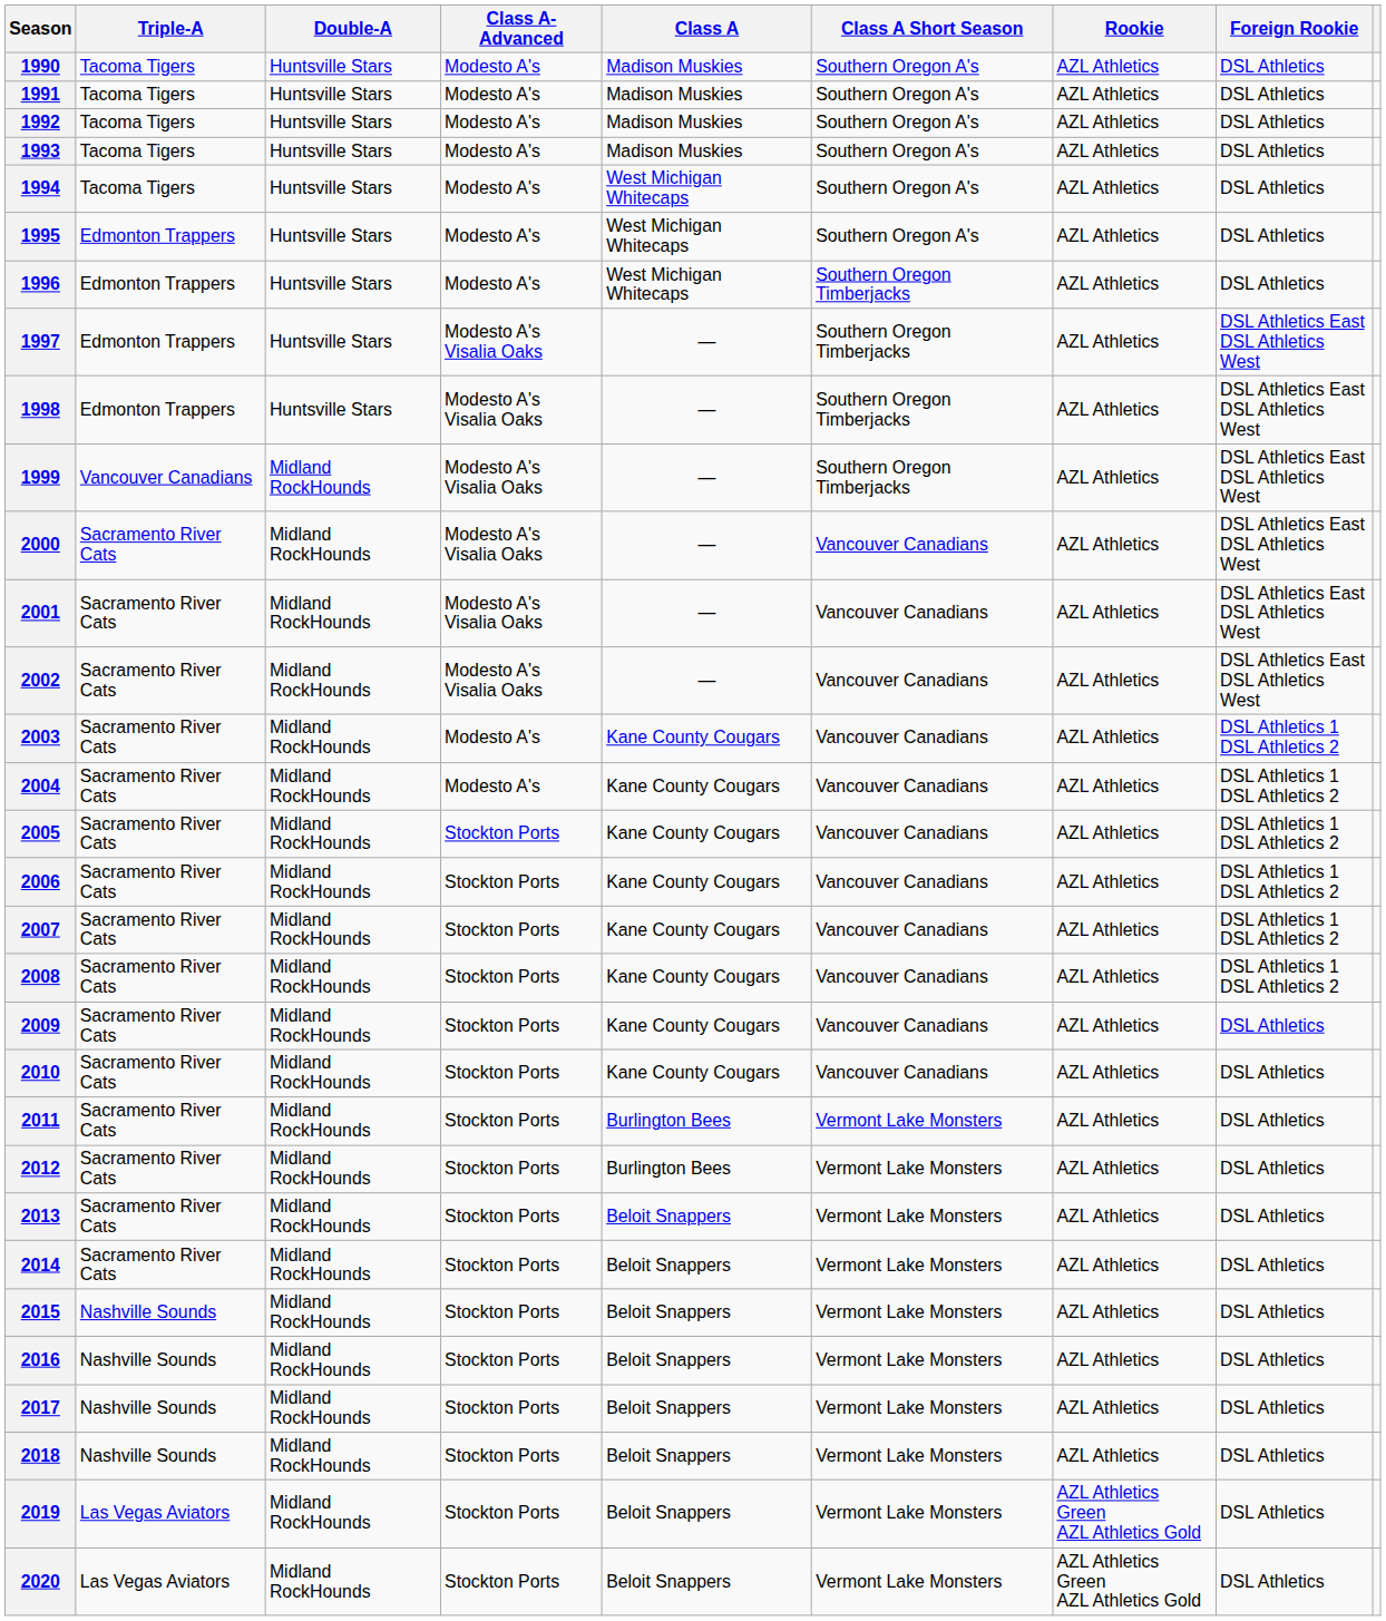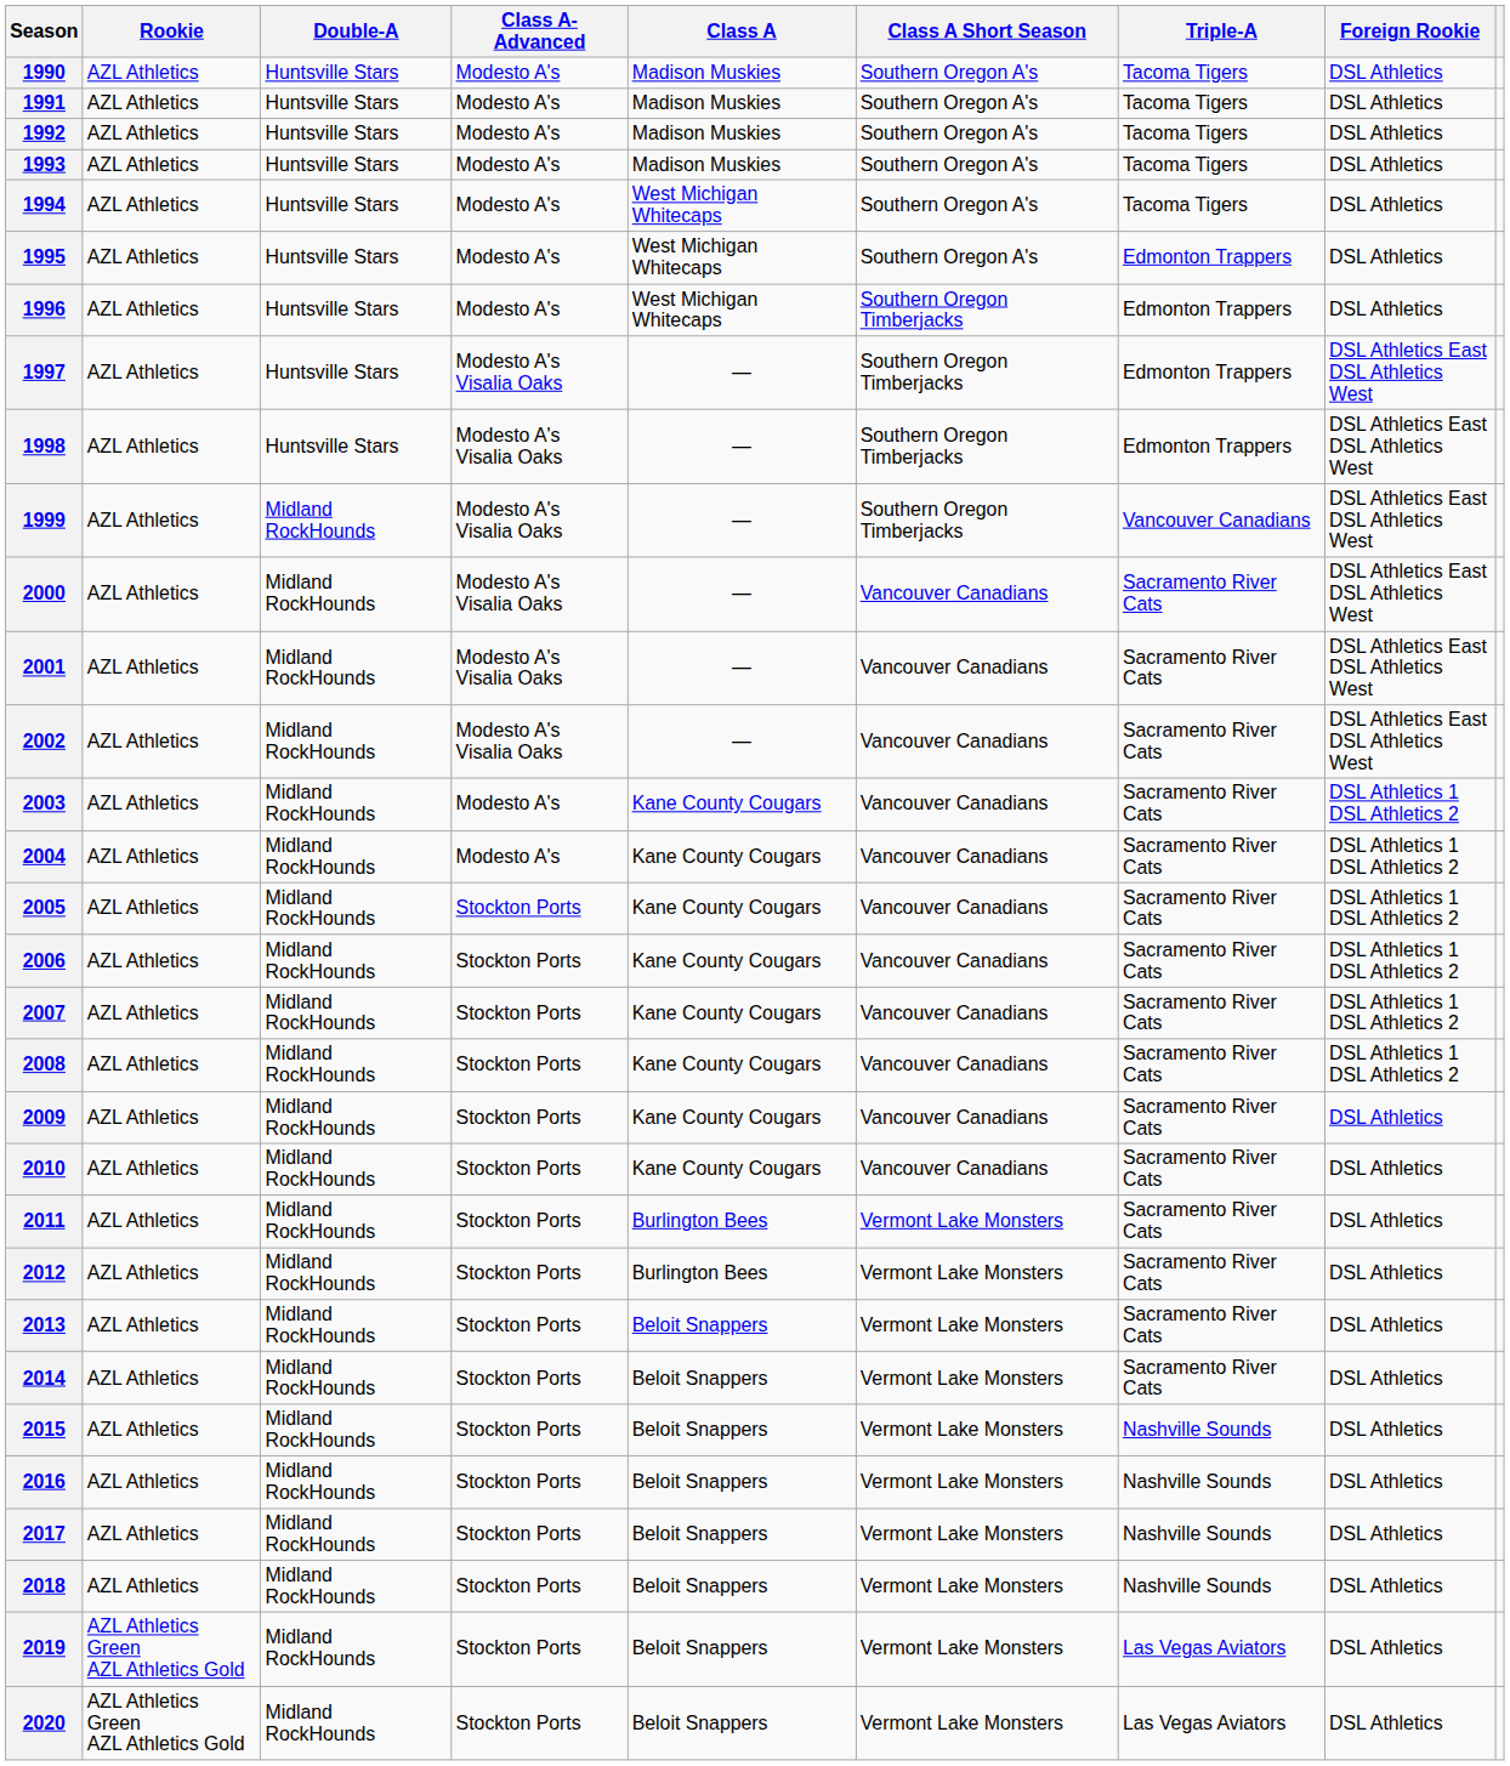 <table class="wikitable plainrowheaders">
 <tr>
 <th scope="col">Season</th>
-<th scope="col"><a href='#'><span>Triple-A</span></a></th>
+<th scope="col"><a href='#'><span>Rookie</span></a></th>
 <th scope="col"><a href='#'><span>Double-A</span></a></th>
 <th scope="col"><a href='#'><span>Class A-Advanced</span></a></th>
 <th scope="col"><a href='#'><span>Class A</span></a></th>
 <th scope="col"><a href='#'><span>Class A Short Season</span></a></th>
-<th scope="col"><a href='#'><span>Rookie</span></a></th>
+<th scope="col"><a href='#'><span>Triple-A</span></a></th>
 <th scope="col"><a href='#'><span>Foreign Rookie</span></a></th>
 <th scope="col"></th>
 </tr>
 <tr>
 <th scope="row" style="text-align:center"><a href='#'>1990</a></th>
-<td><a href='#'>Tacoma Tigers</a></td>
+<td><a href='#'>AZL Athletics</a></td>
 <td><a href='#'>Huntsville Stars</a></td>
 <td><a href='#'>Modesto A's</a></td>
 <td><a href='#'>Madison Muskies</a></td>
 <td><a href='#'>Southern Oregon A's</a></td>
-<td><a href='#'>AZL Athletics</a></td>
+<td><a href='#'>Tacoma Tigers</a></td>
 <td><a href='#'>DSL Athletics</a></td>
 <td align="center"></td>
 </tr>
 <tr>
 <th scope="row" style="text-align:center"><a href='#'>1991</a></th>
-<td>Tacoma Tigers</td>
+<td>AZL Athletics</td>
 <td>Huntsville Stars</td>
 <td>Modesto A's</td>
 <td>Madison Muskies</td>
 <td>Southern Oregon A's</td>
-<td>AZL Athletics</td>
+<td>Tacoma Tigers</td>
 <td>DSL Athletics</td>
 <td align="center"></td>
 </tr>
 <tr>
 <th scope="row" style="text-align:center"><a href='#'>1992</a></th>
-<td>Tacoma Tigers</td>
+<td>AZL Athletics</td>
 <td>Huntsville Stars</td>
 <td>Modesto A's</td>
 <td>Madison Muskies</td>
 <td>Southern Oregon A's</td>
-<td>AZL Athletics</td>
+<td>Tacoma Tigers</td>
 <td>DSL Athletics</td>
 <td align="center"></td>
 </tr>
 <tr>
 <th scope="row" style="text-align:center"><a href='#'>1993</a></th>
-<td>Tacoma Tigers</td>
+<td>AZL Athletics</td>
 <td>Huntsville Stars</td>
 <td>Modesto A's</td>
 <td>Madison Muskies</td>
 <td>Southern Oregon A's</td>
-<td>AZL Athletics</td>
+<td>Tacoma Tigers</td>
 <td>DSL Athletics</td>
 <td align="center"></td>
 </tr>
 <tr>
 <th scope="row" style="text-align:center"><a href='#'>1994</a></th>
-<td>Tacoma Tigers</td>
+<td>AZL Athletics</td>
 <td>Huntsville Stars</td>
 <td>Modesto A's</td>
 <td><a href='#'>West Michigan Whitecaps</a></td>
 <td>Southern Oregon A's</td>
-<td>AZL Athletics</td>
+<td>Tacoma Tigers</td>
 <td>DSL Athletics</td>
 <td align="center"></td>
 </tr>
 <tr>
 <th scope="row" style="text-align:center"><a href='#'>1995</a></th>
-<td><a href='#'>Edmonton Trappers</a></td>
+<td>AZL Athletics</td>
 <td>Huntsville Stars</td>
 <td>Modesto A's</td>
 <td>West Michigan Whitecaps</td>
 <td>Southern Oregon A's</td>
-<td>AZL Athletics</td>
+<td><a href='#'>Edmonton Trappers</a></td>
 <td>DSL Athletics</td>
 <td align="center"></td>
 </tr>
 <tr>
 <th scope="row" style="text-align:center"><a href='#'>1996</a></th>
-<td>Edmonton Trappers</td>
+<td>AZL Athletics</td>
 <td>Huntsville Stars</td>
 <td>Modesto A's</td>
 <td>West Michigan Whitecaps</td>
 <td><a href='#'>Southern Oregon Timberjacks</a></td>
-<td>AZL Athletics</td>
+<td>Edmonton Trappers</td>
 <td>DSL Athletics</td>
 <td align="center"></td>
 </tr>
 <tr>
 <th scope="row" style="text-align:center"><a href='#'>1997</a></th>
-<td>Edmonton Trappers</td>
+<td>AZL Athletics</td>
 <td>Huntsville Stars</td>
 <td>Modesto A's<br><a href='#'>Visalia Oaks</a></td>
 <td align="center">—</td>
 <td>Southern Oregon Timberjacks</td>
-<td>AZL Athletics</td>
+<td>Edmonton Trappers</td>
 <td><a href='#'>DSL Athletics East</a><br><a href='#'>DSL Athletics West</a></td>
 <td align="center"></td>
 </tr>
 <tr>
 <th scope="row" style="text-align:center"><a href='#'>1998</a></th>
-<td>Edmonton Trappers</td>
+<td>AZL Athletics</td>
 <td>Huntsville Stars</td>
 <td>Modesto A's<br>Visalia Oaks</td>
 <td align="center">—</td>
 <td>Southern Oregon Timberjacks</td>
-<td>AZL Athletics</td>
+<td>Edmonton Trappers</td>
 <td>DSL Athletics East<br>DSL Athletics West</td>
 <td align="center"></td>
 </tr>
 <tr>
 <th scope="row" style="text-align:center"><a href='#'>1999</a></th>
-<td><a href='#'>Vancouver Canadians</a></td>
+<td>AZL Athletics</td>
 <td><a href='#'>Midland RockHounds</a></td>
 <td>Modesto A's<br>Visalia Oaks</td>
 <td align="center">—</td>
 <td>Southern Oregon Timberjacks</td>
-<td>AZL Athletics</td>
+<td><a href='#'>Vancouver Canadians</a></td>
 <td>DSL Athletics East<br>DSL Athletics West</td>
 <td align="center"></td>
 </tr>
 <tr>
 <th scope="row" style="text-align:center"><a href='#'>2000</a></th>
-<td><a href='#'>Sacramento River Cats</a></td>
+<td>AZL Athletics</td>
 <td>Midland RockHounds</td>
 <td>Modesto A's<br>Visalia Oaks</td>
 <td align="center">—</td>
 <td><a href='#'>Vancouver Canadians</a></td>
-<td>AZL Athletics</td>
+<td><a href='#'>Sacramento River Cats</a></td>
 <td>DSL Athletics East<br>DSL Athletics West</td>
 <td align="center"></td>
 </tr>
 <tr>
 <th scope="row" style="text-align:center"><a href='#'>2001</a></th>
-<td>Sacramento River Cats</td>
+<td>AZL Athletics</td>
 <td>Midland RockHounds</td>
 <td>Modesto A's<br>Visalia Oaks</td>
 <td align="center">—</td>
 <td>Vancouver Canadians</td>
-<td>AZL Athletics</td>
+<td>Sacramento River Cats</td>
 <td>DSL Athletics East<br>DSL Athletics West</td>
 <td align="center"></td>
 </tr>
 <tr>
 <th scope="row" style="text-align:center"><a href='#'>2002</a></th>
-<td>Sacramento River Cats</td>
+<td>AZL Athletics</td>
 <td>Midland RockHounds</td>
 <td>Modesto A's<br>Visalia Oaks</td>
 <td align="center">—</td>
 <td>Vancouver Canadians</td>
-<td>AZL Athletics</td>
+<td>Sacramento River Cats</td>
 <td>DSL Athletics East<br>DSL Athletics West</td>
 <td align="center"></td>
 </tr>
 <tr>
 <th scope="row" style="text-align:center"><a href='#'>2003</a></th>
-<td>Sacramento River Cats</td>
+<td>AZL Athletics</td>
 <td>Midland RockHounds</td>
 <td>Modesto A's</td>
 <td><a href='#'>Kane County Cougars</a></td>
 <td>Vancouver Canadians</td>
-<td>AZL Athletics</td>
+<td>Sacramento River Cats</td>
 <td><a href='#'>DSL Athletics 1</a><br><a href='#'>DSL Athletics 2</a></td>
 <td align="center"></td>
 </tr>
 <tr>
 <th scope="row" style="text-align:center"><a href='#'>2004</a></th>
-<td>Sacramento River Cats</td>
+<td>AZL Athletics</td>
 <td>Midland RockHounds</td>
 <td>Modesto A's</td>
 <td>Kane County Cougars</td>
 <td>Vancouver Canadians</td>
-<td>AZL Athletics</td>
+<td>Sacramento River Cats</td>
 <td>DSL Athletics 1<br>DSL Athletics 2</td>
 <td align="center"></td>
 </tr>
 <tr>
 <th scope="row" style="text-align:center"><a href='#'>2005</a></th>
-<td>Sacramento River Cats</td>
+<td>AZL Athletics</td>
 <td>Midland RockHounds</td>
 <td><a href='#'>Stockton Ports</a></td>
 <td>Kane County Cougars</td>
 <td>Vancouver Canadians</td>
-<td>AZL Athletics</td>
+<td>Sacramento River Cats</td>
 <td>DSL Athletics 1<br>DSL Athletics 2</td>
 <td align="center"></td>
 </tr>
 <tr>
 <th scope="row" style="text-align:center"><a href='#'>2006</a></th>
-<td>Sacramento River Cats</td>
+<td>AZL Athletics</td>
 <td>Midland RockHounds</td>
 <td>Stockton Ports</td>
 <td>Kane County Cougars</td>
 <td>Vancouver Canadians</td>
-<td>AZL Athletics</td>
+<td>Sacramento River Cats</td>
 <td>DSL Athletics 1<br>DSL Athletics 2</td>
 <td align="center"></td>
 </tr>
 <tr>
 <th scope="row" style="text-align:center"><a href='#'>2007</a></th>
-<td>Sacramento River Cats</td>
+<td>AZL Athletics</td>
 <td>Midland RockHounds</td>
 <td>Stockton Ports</td>
 <td>Kane County Cougars</td>
 <td>Vancouver Canadians</td>
-<td>AZL Athletics</td>
+<td>Sacramento River Cats</td>
 <td>DSL Athletics 1<br>DSL Athletics 2</td>
 <td align="center"></td>
 </tr>
 <tr>
 <th scope="row" style="text-align:center"><a href='#'>2008</a></th>
-<td>Sacramento River Cats</td>
+<td>AZL Athletics</td>
 <td>Midland RockHounds</td>
 <td>Stockton Ports</td>
 <td>Kane County Cougars</td>
 <td>Vancouver Canadians</td>
-<td>AZL Athletics</td>
+<td>Sacramento River Cats</td>
 <td>DSL Athletics 1<br>DSL Athletics 2</td>
 <td align="center"></td>
 </tr>
 <tr>
 <th scope="row" style="text-align:center"><a href='#'>2009</a></th>
-<td>Sacramento River Cats</td>
+<td>AZL Athletics</td>
 <td>Midland RockHounds</td>
 <td>Stockton Ports</td>
 <td>Kane County Cougars</td>
 <td>Vancouver Canadians</td>
-<td>AZL Athletics</td>
+<td>Sacramento River Cats</td>
 <td><a href='#'>DSL Athletics</a></td>
 <td align="center"></td>
 </tr>
 <tr>
 <th scope="row" style="text-align:center"><a href='#'>2010</a></th>
-<td>Sacramento River Cats</td>
+<td>AZL Athletics</td>
 <td>Midland RockHounds</td>
 <td>Stockton Ports</td>
 <td>Kane County Cougars</td>
 <td>Vancouver Canadians</td>
-<td>AZL Athletics</td>
+<td>Sacramento River Cats</td>
 <td>DSL Athletics</td>
 <td align="center"></td>
 </tr>
 <tr>
 <th scope="row" style="text-align:center"><a href='#'>2011</a></th>
-<td>Sacramento River Cats</td>
+<td>AZL Athletics</td>
 <td>Midland RockHounds</td>
 <td>Stockton Ports</td>
 <td><a href='#'>Burlington Bees</a></td>
 <td><a href='#'>Vermont Lake Monsters</a></td>
-<td>AZL Athletics</td>
+<td>Sacramento River Cats</td>
 <td>DSL Athletics</td>
 <td align="center"></td>
 </tr>
 <tr>
 <th scope="row" style="text-align:center"><a href='#'>2012</a></th>
-<td>Sacramento River Cats</td>
+<td>AZL Athletics</td>
 <td>Midland RockHounds</td>
 <td>Stockton Ports</td>
 <td>Burlington Bees</td>
 <td>Vermont Lake Monsters</td>
-<td>AZL Athletics</td>
+<td>Sacramento River Cats</td>
 <td>DSL Athletics</td>
 <td align="center"></td>
 </tr>
 <tr>
 <th scope="row" style="text-align:center"><a href='#'>2013</a></th>
-<td>Sacramento River Cats</td>
+<td>AZL Athletics</td>
 <td>Midland RockHounds</td>
 <td>Stockton Ports</td>
 <td><a href='#'>Beloit Snappers</a></td>
 <td>Vermont Lake Monsters</td>
-<td>AZL Athletics</td>
+<td>Sacramento River Cats</td>
 <td>DSL Athletics</td>
 <td align="center"></td>
 </tr>
 <tr>
 <th scope="row" style="text-align:center"><a href='#'>2014</a></th>
-<td>Sacramento River Cats</td>
+<td>AZL Athletics</td>
 <td>Midland RockHounds</td>
 <td>Stockton Ports</td>
 <td>Beloit Snappers</td>
 <td>Vermont Lake Monsters</td>
-<td>AZL Athletics</td>
+<td>Sacramento River Cats</td>
 <td>DSL Athletics</td>
 <td align="center"></td>
 </tr>
 <tr>
 <th scope="row" style="text-align:center"><a href='#'>2015</a></th>
-<td><a href='#'>Nashville Sounds</a></td>
+<td>AZL Athletics</td>
 <td>Midland RockHounds</td>
 <td>Stockton Ports</td>
 <td>Beloit Snappers</td>
 <td>Vermont Lake Monsters</td>
-<td>AZL Athletics</td>
+<td><a href='#'>Nashville Sounds</a></td>
 <td>DSL Athletics</td>
 <td align="center"></td>
 </tr>
 <tr>
 <th scope="row" style="text-align:center"><a href='#'>2016</a></th>
-<td>Nashville Sounds</td>
+<td>AZL Athletics</td>
 <td>Midland RockHounds</td>
 <td>Stockton Ports</td>
 <td>Beloit Snappers</td>
 <td>Vermont Lake Monsters</td>
-<td>AZL Athletics</td>
+<td>Nashville Sounds</td>
 <td>DSL Athletics</td>
 <td align="center"></td>
 </tr>
 <tr>
 <th scope="row" style="text-align:center"><a href='#'>2017</a></th>
-<td>Nashville Sounds</td>
+<td>AZL Athletics</td>
 <td>Midland RockHounds</td>
 <td>Stockton Ports</td>
 <td>Beloit Snappers</td>
 <td>Vermont Lake Monsters</td>
-<td>AZL Athletics</td>
+<td>Nashville Sounds</td>
 <td>DSL Athletics</td>
 <td align="center"></td>
 </tr>
 <tr>
 <th scope="row" style="text-align:center"><a href='#'>2018</a></th>
-<td>Nashville Sounds</td>
+<td>AZL Athletics</td>
 <td>Midland RockHounds</td>
 <td>Stockton Ports</td>
 <td>Beloit Snappers</td>
 <td>Vermont Lake Monsters</td>
-<td>AZL Athletics</td>
+<td>Nashville Sounds</td>
 <td>DSL Athletics</td>
 <td align="center"></td>
 </tr>
 <tr>
 <th scope="row" style="text-align:center"><a href='#'>2019</a></th>
-<td><a href='#'>Las Vegas Aviators</a></td>
+<td><a href='#'>AZL Athletics Green</a><br><a href='#'>AZL Athletics Gold</a></td>
 <td>Midland RockHounds</td>
 <td>Stockton Ports</td>
 <td>Beloit Snappers</td>
 <td>Vermont Lake Monsters</td>
-<td><a href='#'>AZL Athletics Green</a><br><a href='#'>AZL Athletics Gold</a></td>
+<td><a href='#'>Las Vegas Aviators</a></td>
 <td>DSL Athletics</td>
 <td align="center"></td>
 </tr>
 <tr>
 <th scope="row" style="text-align:center"><a href='#'>2020</a></th>
-<td>Las Vegas Aviators</td>
+<td>AZL Athletics Green<br>AZL Athletics Gold</td>
 <td>Midland RockHounds</td>
 <td>Stockton Ports</td>
 <td>Beloit Snappers</td>
 <td>Vermont Lake Monsters</td>
-<td>AZL Athletics Green<br>AZL Athletics Gold</td>
+<td>Las Vegas Aviators</td>
 <td>DSL Athletics</td>
 <td align="center"></td>
 </tr>
 </table>
